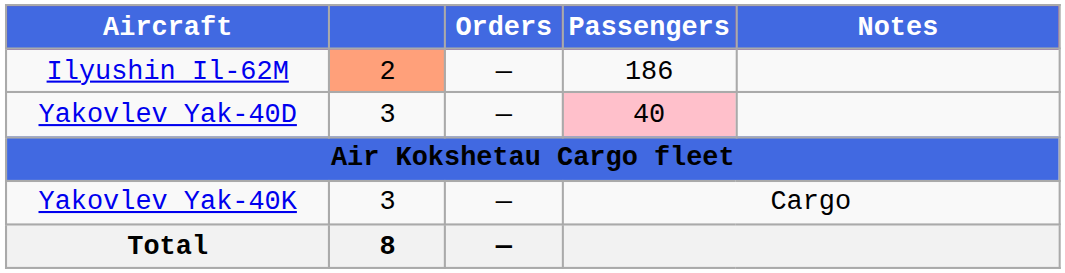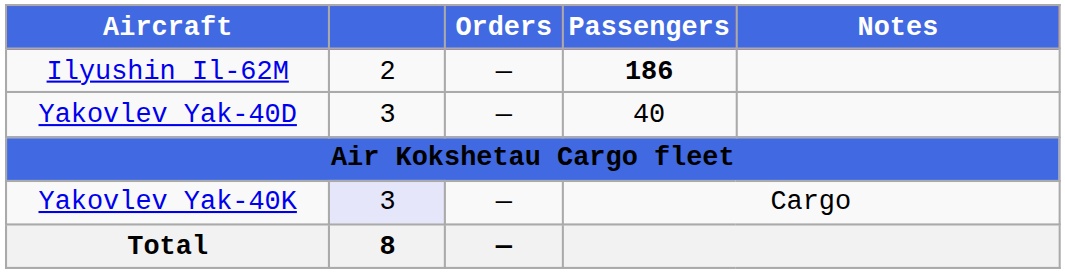 <table class="wikitable" style="margin:1em auto; border-collapse:collapse;text-align:center">
 <tr bgcolor=red>
 <th style="background:#4169E1; color:white; width:150px;">Aircraft</th>
 <th style="background:#4169E1; color:white; width:50px;"></th>
 <th style="background:#4169E1; color:white; width:50px;">Orders</th>
 <th style="background:#4169E1; color:white; width:50px;">Passengers</th>
 <th class="unsortable" style="background:#4169E1; color:white; width:150px;">Notes</th>
 </tr>
 <tr>
 <td><a href='#'>Ilyushin Il-62M</a></td>
-<td style="background: lightsalmon;">2</td>
+<td>2</td>
 <td>—</td>
-<td>186</td>
+<td><strong>186</strong></td>
 <td></td>
 </tr>
 <tr>
 <td><a href='#'>Yakovlev Yak-40D</a></td>
 <td>3</td>
 <td>—</td>
-<td style="background: pink;">40</td>
+<td>40</td>
 <td></td>
 </tr>
 <tr>
 <th colspan="9" style="background:#4169E1;"><span>Air Kokshetau Cargo fleet</span></th>
 </tr>
 <tr>
 <td><a href='#'>Yakovlev Yak-40K</a></td>
-<td>3</td>
+<td style="background: lavender;">3</td>
 <td>—</td>
 <td colspan="5" class="unsortable"><abbr>Cargo</abbr></td>
 </tr>
 <tr>
 <th>Total</th>
 <th>8</th>
 <th>—</th>
 <th colspan="3"></th>
 </tr>
 </table>
